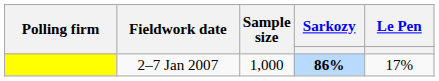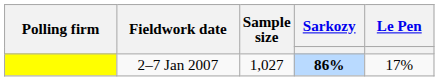 <table class="wikitable sortable" style="text-align:center;font-size:90%;line-height:14px;">
 <tr style="height:40px;">
 <th style="width:100px;" rowspan="2">Polling firm</th>
 <th style="width:110px;" rowspan="2">Fieldwork date</th>
 <th style="width:35px;" rowspan="2">Sample<br>size</th>
 <th class="unsortable" style="width:60px;"><a href='#'>Sarkozy</a><br></th>
 <th class="unsortable" style="width:60px;"><a href='#'>Le Pen</a><br></th>
 </tr>
 <tr>
 <th style="background:"></th>
 <th style="background:"></th>
 </tr>
 <tr>
 <td style="background:yellow;"></td>
 <td data-sort-value="2007-01-07">2–7 Jan 2007</td>
-<td>1,000</td>
+<td>1,027</td>
 <td style="background:#B9DAFF;"><strong>86%</strong></td>
 <td>17%</td>
 </tr>
 </table>
